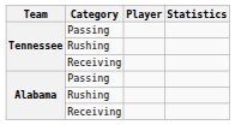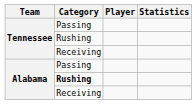 <table class="wikitable" style="float:right">
 <tr>
 <th>Team</th>
 <th>Category</th>
 <th>Player</th>
 <th>Statistics</th>
 </tr>
 <tr>
 <th rowspan=3>Tennessee</th>
 <td>Passing</td>
 <td></td>
 <td></td>
 </tr>
 <tr>
 <td>Rushing</td>
 <td></td>
 <td></td>
 </tr>
 <tr>
 <td>Receiving</td>
 <td></td>
 <td></td>
 </tr>
 <tr>
 <th rowspan=3>Alabama</th>
 <td>Passing</td>
 <td></td>
 <td></td>
 </tr>
 <tr>
-<td>Rushing</td>
+<td><strong>Rushing</strong></td>
 <td></td>
 <td></td>
 </tr>
 <tr>
 <td>Receiving</td>
 <td></td>
 <td></td>
 </tr>
 </table>
